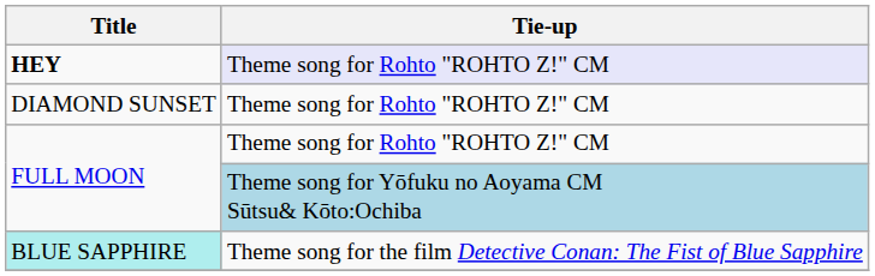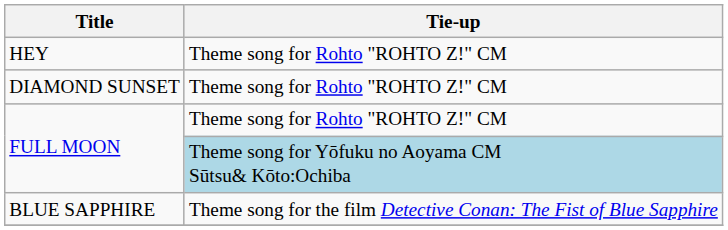 <table class="wikitable" style="font-size:small">
 <tr>
 <th>Title</th>
 <th>Tie-up</th>
 </tr>
 <tr>
-<td><strong>HEY</strong></td>
-<td style="background: lavender;">Theme song for <a href='#'>Rohto</a> "ROHTO Z!" CM</td>
+<td>HEY</td>
+<td>Theme song for <a href='#'>Rohto</a> "ROHTO Z!" CM</td>
 </tr>
 <tr>
 <td>DIAMOND SUNSET</td>
 <td>Theme song for <a href='#'>Rohto</a> "ROHTO Z!" CM</td>
 </tr>
 <tr>
 <td rowspan="2"><a href='#'>FULL MOON</a></td>
 <td>Theme song for <a href='#'>Rohto</a> "ROHTO Z!" CM</td>
 </tr>
 <tr>
 <td style="background: lightblue;">Theme song for Yōfuku no Aoyama CM<br>Sūtsu& Kōto:Ochiba</td>
 </tr>
 <tr>
-<td style="background: paleturquoise;">BLUE SAPPHIRE</td>
+<td>BLUE SAPPHIRE</td>
 <td>Theme song for the film <em><a href='#'>Detective Conan: The Fist of Blue Sapphire</a></em></td>
 </tr>
 <tr>
 </tr>
 </table>
